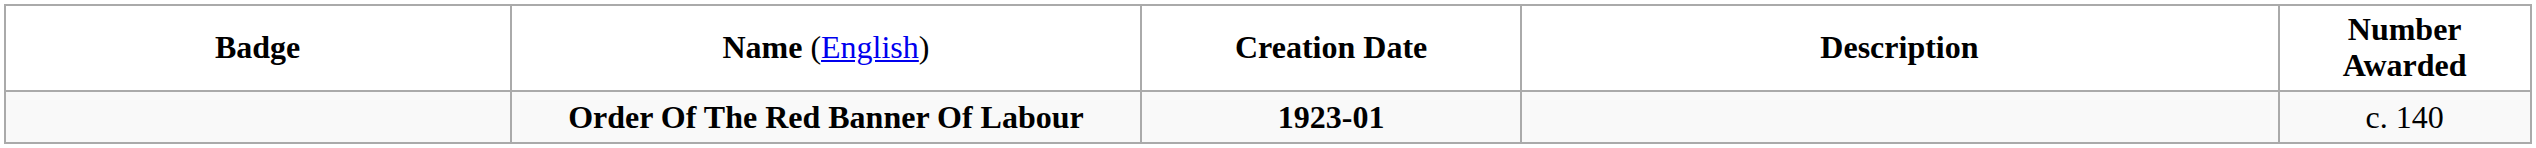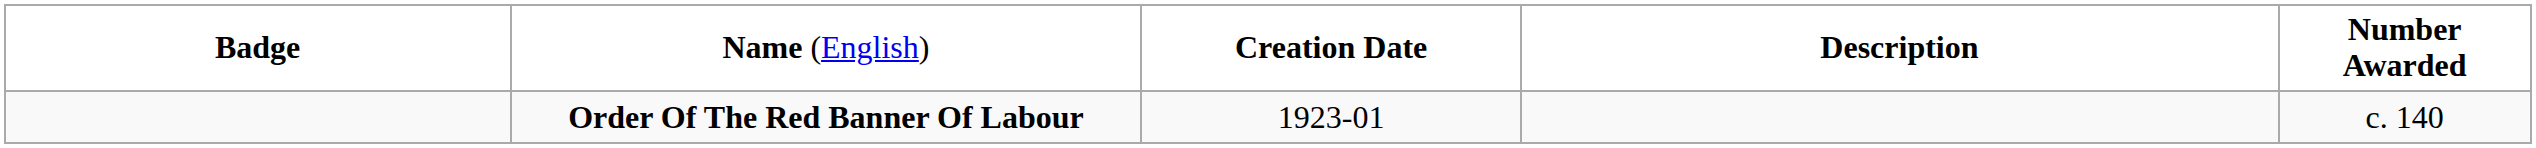 <table class="wikitable" width="100%" style="text-align:center;">
 <tr>
 <td width="20%" bgcolor="#FFFFFF"><strong>Badge</strong></td>
 <td width="25%" bgcolor="#FFFFFF"><strong>Name</strong> (<a href='#'>English</a>)</td>
 <td width="15%" bgcolor="#FFFFFF"><strong>Creation Date</strong></td>
 <td width="30%" bgcolor="#FFFFFF"><strong>Description</strong></td>
 <td width="10%" bgcolor="#FFFFFF"><strong>Number Awarded</strong></td>
 </tr>
 <tr>
 <td></td>
 <td><strong>Order Of The Red Banner Of Labour</strong></td>
-<td><strong>1923-01</strong></td>
+<td>1923-01</td>
 <td></td>
 <td>c. 140</td>
 </tr>
 </table>
